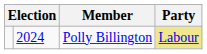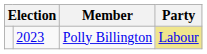 <table class="wikitable">
 <tr>
 <th colspan="2">Election</th>
 <th>Member</th>
 <th>Party</th>
 </tr>
 <tr>
 <td style="color:inherit;background-color: "></td>
-<td><a href='#'>2024</a></td>
+<td><a href='#'>2023</a></td>
 <td><a href='#'>Polly Billington</a></td>
 <td style="background: khaki;"><a href='#'>Labour</a></td>
 </tr>
 </table>
